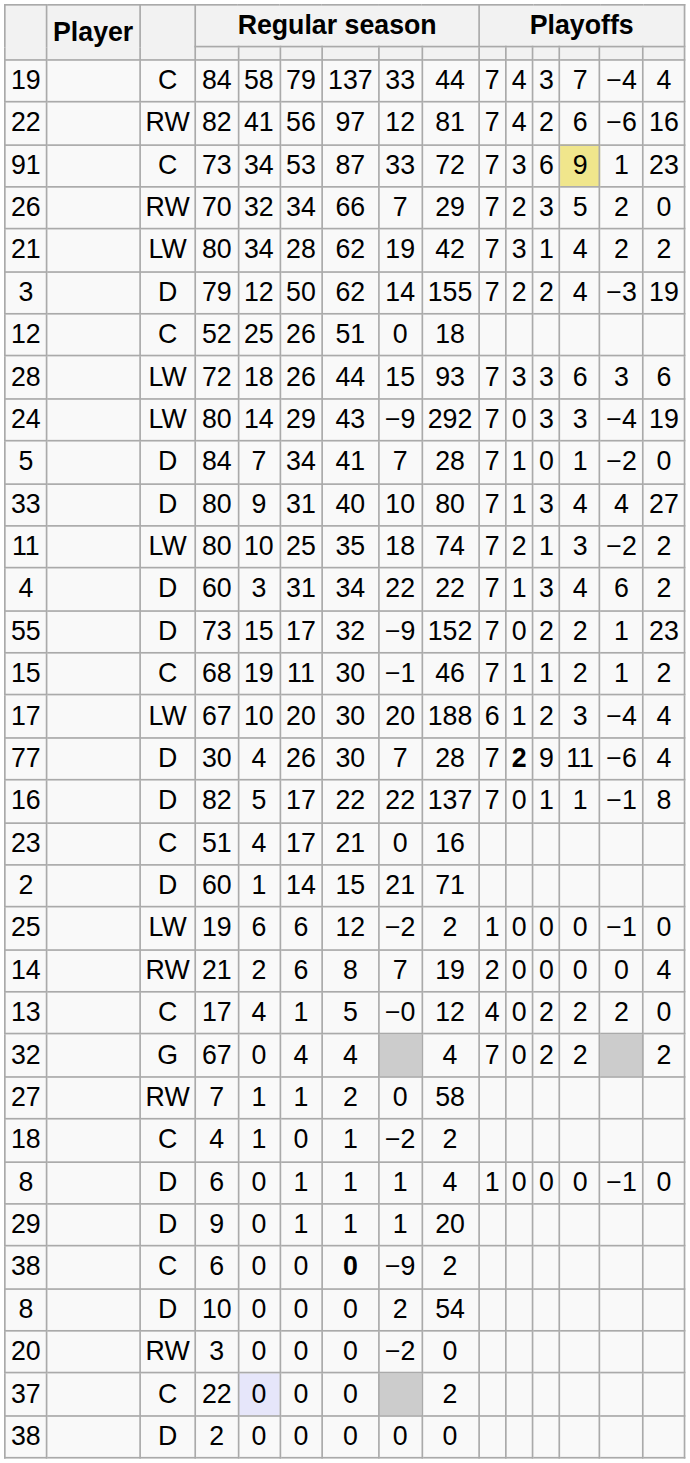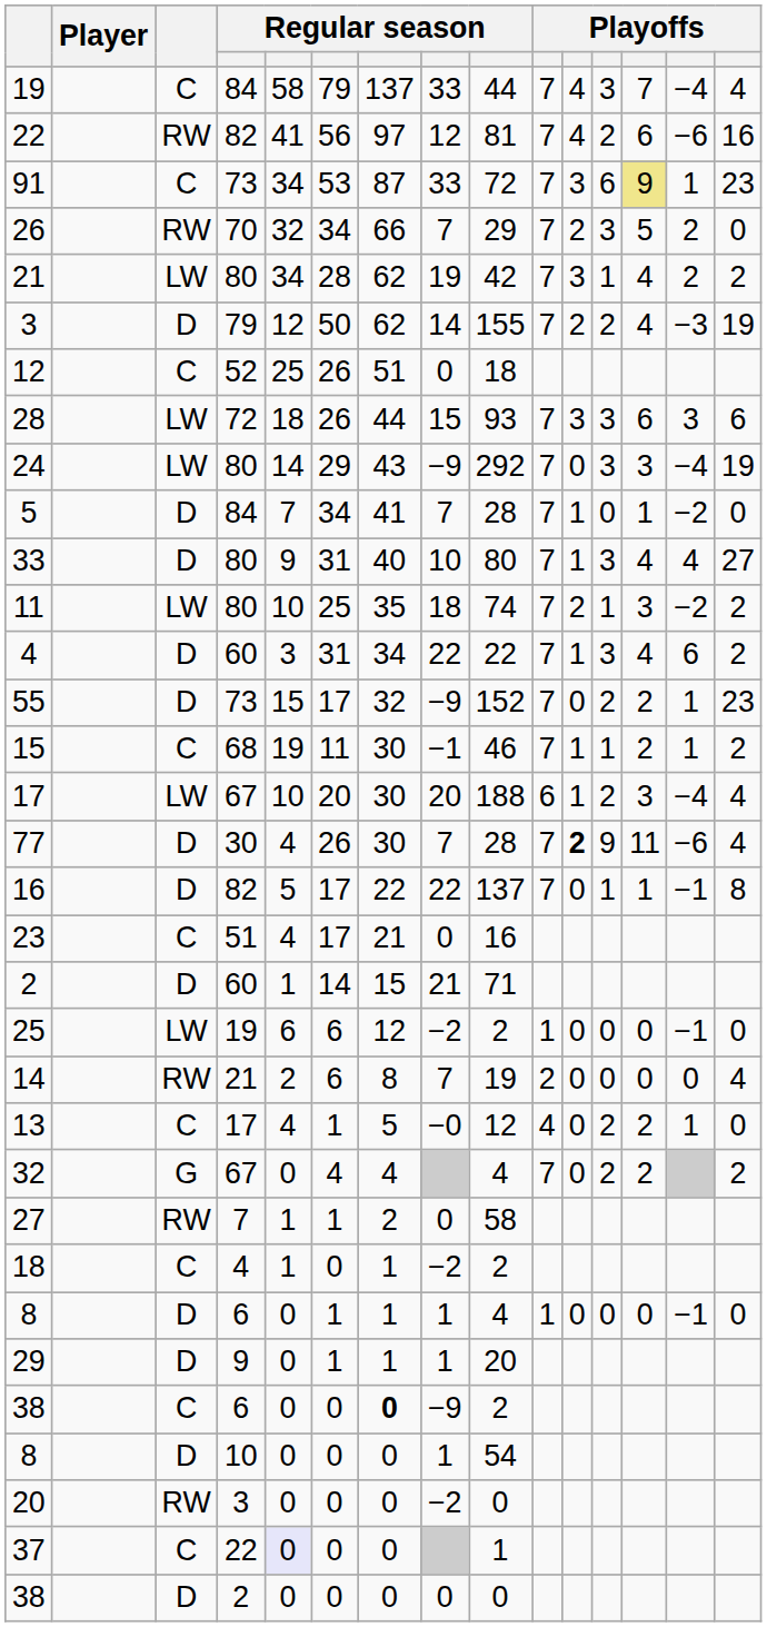 <table class="wikitable sortable plainrowheaders" style="text-align:center;">
 <tr>
 <th scope="col" data-sort-type="number" rowspan="2"></th>
 <th scope="col" rowspan="2">Player</th>
 <th scope="col" rowspan="2"></th>
 <th scope=colgroup colspan=6>Regular season</th>
 <th scope=colgroup colspan=6>Playoffs</th>
 </tr>
 <tr>
 <th scope="col" data-sort-type="number"></th>
 <th scope="col" data-sort-type="number"></th>
 <th scope="col" data-sort-type="number"></th>
 <th scope="col" data-sort-type="number"></th>
 <th scope="col" data-sort-type="number"></th>
 <th scope="col" data-sort-type="number"></th>
 <th scope="col" data-sort-type="number"></th>
 <th scope="col" data-sort-type="number"></th>
 <th scope="col" data-sort-type="number"></th>
 <th scope="col" data-sort-type="number"></th>
 <th scope="col" data-sort-type="number"></th>
 <th scope="col" data-sort-type="number"></th>
 </tr>
 <tr>
 <td scope="row">19</td>
 <td align="left"></td>
 <td>C</td>
 <td>84</td>
 <td>58</td>
 <td>79</td>
 <td>137</td>
 <td>33</td>
 <td>44</td>
 <td>7</td>
 <td>4</td>
 <td>3</td>
 <td>7</td>
 <td>−4</td>
 <td>4</td>
 </tr>
 <tr>
 <td scope="row">22</td>
 <td align="left"></td>
 <td>RW</td>
 <td>82</td>
 <td>41</td>
 <td>56</td>
 <td>97</td>
 <td>12</td>
 <td>81</td>
 <td>7</td>
 <td>4</td>
 <td>2</td>
 <td>6</td>
 <td>−6</td>
 <td>16</td>
 </tr>
 <tr>
 <td scope="row">91</td>
 <td align="left"></td>
 <td>C</td>
 <td>73</td>
 <td>34</td>
 <td>53</td>
 <td>87</td>
 <td>33</td>
 <td>72</td>
 <td>7</td>
 <td>3</td>
 <td>6</td>
 <td style="background: khaki;">9</td>
 <td>1</td>
 <td>23</td>
 </tr>
 <tr>
 <td scope="row">26</td>
 <td align="left"></td>
 <td>RW</td>
 <td>70</td>
 <td>32</td>
 <td>34</td>
 <td>66</td>
 <td>7</td>
 <td>29</td>
 <td>7</td>
 <td>2</td>
 <td>3</td>
 <td>5</td>
 <td>2</td>
 <td>0</td>
 </tr>
 <tr>
 <td scope="row">21</td>
 <td align="left"></td>
 <td>LW</td>
 <td>80</td>
 <td>34</td>
 <td>28</td>
 <td>62</td>
 <td>19</td>
 <td>42</td>
 <td>7</td>
 <td>3</td>
 <td>1</td>
 <td>4</td>
 <td>2</td>
 <td>2</td>
 </tr>
 <tr>
 <td scope="row">3</td>
 <td align="left"></td>
 <td>D</td>
 <td>79</td>
 <td>12</td>
 <td>50</td>
 <td>62</td>
 <td>14</td>
 <td>155</td>
 <td>7</td>
 <td>2</td>
 <td>2</td>
 <td>4</td>
 <td>−3</td>
 <td>19</td>
 </tr>
 <tr>
 <td scope="row">12</td>
 <td align="left"></td>
 <td>C</td>
 <td>52</td>
 <td>25</td>
 <td>26</td>
 <td>51</td>
 <td>0</td>
 <td>18</td>
 <td></td>
 <td></td>
 <td></td>
 <td></td>
 <td></td>
 <td></td>
 </tr>
 <tr>
 <td scope="row">28</td>
 <td align="left"></td>
 <td>LW</td>
 <td>72</td>
 <td>18</td>
 <td>26</td>
 <td>44</td>
 <td>15</td>
 <td>93</td>
 <td>7</td>
 <td>3</td>
 <td>3</td>
 <td>6</td>
 <td>3</td>
 <td>6</td>
 </tr>
 <tr>
 <td scope="row">24</td>
 <td align="left"></td>
 <td>LW</td>
 <td>80</td>
 <td>14</td>
 <td>29</td>
 <td>43</td>
 <td>−9</td>
 <td>292</td>
 <td>7</td>
 <td>0</td>
 <td>3</td>
 <td>3</td>
 <td>−4</td>
 <td>19</td>
 </tr>
 <tr>
 <td scope="row">5</td>
 <td align="left"></td>
 <td>D</td>
 <td>84</td>
 <td>7</td>
 <td>34</td>
 <td>41</td>
 <td>7</td>
 <td>28</td>
 <td>7</td>
 <td>1</td>
 <td>0</td>
 <td>1</td>
 <td>−2</td>
 <td>0</td>
 </tr>
 <tr>
 <td scope="row">33</td>
 <td align="left"></td>
 <td>D</td>
 <td>80</td>
 <td>9</td>
 <td>31</td>
 <td>40</td>
 <td>10</td>
 <td>80</td>
 <td>7</td>
 <td>1</td>
 <td>3</td>
 <td>4</td>
 <td>4</td>
 <td>27</td>
 </tr>
 <tr>
 <td scope="row">11</td>
 <td align="left"></td>
 <td>LW</td>
 <td>80</td>
 <td>10</td>
 <td>25</td>
 <td>35</td>
 <td>18</td>
 <td>74</td>
 <td>7</td>
 <td>2</td>
 <td>1</td>
 <td>3</td>
 <td>−2</td>
 <td>2</td>
 </tr>
 <tr>
 <td scope="row">4</td>
 <td align="left"></td>
 <td>D</td>
 <td>60</td>
 <td>3</td>
 <td>31</td>
 <td>34</td>
 <td>22</td>
 <td>22</td>
 <td>7</td>
 <td>1</td>
 <td>3</td>
 <td>4</td>
 <td>6</td>
 <td>2</td>
 </tr>
 <tr>
 <td scope="row">55</td>
 <td align="left"></td>
 <td>D</td>
 <td>73</td>
 <td>15</td>
 <td>17</td>
 <td>32</td>
 <td>−9</td>
 <td>152</td>
 <td>7</td>
 <td>0</td>
 <td>2</td>
 <td>2</td>
 <td>1</td>
 <td>23</td>
 </tr>
 <tr>
 <td scope="row">15</td>
 <td align="left"></td>
 <td>C</td>
 <td>68</td>
 <td>19</td>
 <td>11</td>
 <td>30</td>
 <td>−1</td>
 <td>46</td>
 <td>7</td>
 <td>1</td>
 <td>1</td>
 <td>2</td>
 <td>1</td>
 <td>2</td>
 </tr>
 <tr>
 <td scope="row">17</td>
 <td align="left"></td>
 <td>LW</td>
 <td>67</td>
 <td>10</td>
 <td>20</td>
 <td>30</td>
 <td>20</td>
 <td>188</td>
 <td>6</td>
 <td>1</td>
 <td>2</td>
 <td>3</td>
 <td>−4</td>
 <td>4</td>
 </tr>
 <tr>
 <td scope="row">77</td>
 <td align="left"></td>
 <td>D</td>
 <td>30</td>
 <td>4</td>
 <td>26</td>
 <td>30</td>
 <td>7</td>
 <td>28</td>
 <td>7</td>
 <td><strong>2</strong></td>
 <td>9</td>
 <td>11</td>
 <td>−6</td>
 <td>4</td>
 </tr>
 <tr>
 <td scope="row">16</td>
 <td align="left"></td>
 <td>D</td>
 <td>82</td>
 <td>5</td>
 <td>17</td>
 <td>22</td>
 <td>22</td>
 <td>137</td>
 <td>7</td>
 <td>0</td>
 <td>1</td>
 <td>1</td>
 <td>−1</td>
 <td>8</td>
 </tr>
 <tr>
 <td scope="row">23</td>
 <td align="left"></td>
 <td>C</td>
 <td>51</td>
 <td>4</td>
 <td>17</td>
 <td>21</td>
 <td>0</td>
 <td>16</td>
 <td></td>
 <td></td>
 <td></td>
 <td></td>
 <td></td>
 <td></td>
 </tr>
 <tr>
 <td scope="row">2</td>
 <td align="left"></td>
 <td>D</td>
 <td>60</td>
 <td>1</td>
 <td>14</td>
 <td>15</td>
 <td>21</td>
 <td>71</td>
 <td></td>
 <td></td>
 <td></td>
 <td></td>
 <td></td>
 <td></td>
 </tr>
 <tr>
 <td scope="row">25</td>
 <td align="left"></td>
 <td>LW</td>
 <td>19</td>
 <td>6</td>
 <td>6</td>
 <td>12</td>
 <td>−2</td>
 <td>2</td>
 <td>1</td>
 <td>0</td>
 <td>0</td>
 <td>0</td>
 <td>−1</td>
 <td>0</td>
 </tr>
 <tr>
 <td scope="row">14</td>
 <td align="left"></td>
 <td>RW</td>
 <td>21</td>
 <td>2</td>
 <td>6</td>
 <td>8</td>
 <td>7</td>
 <td>19</td>
 <td>2</td>
 <td>0</td>
 <td>0</td>
 <td>0</td>
 <td>0</td>
 <td>4</td>
 </tr>
 <tr>
 <td scope="row">13</td>
 <td align="left"></td>
 <td>C</td>
 <td>17</td>
 <td>4</td>
 <td>1</td>
 <td>5</td>
 <td>−0</td>
 <td>12</td>
 <td>4</td>
 <td>0</td>
 <td>2</td>
 <td>2</td>
-<td>2</td>
+<td>1</td>
 <td>0</td>
 </tr>
 <tr>
 <td scope="row">32</td>
 <td align="left"></td>
 <td>G</td>
 <td>67</td>
 <td>0</td>
 <td>4</td>
 <td>4</td>
 <td style="background:#ccc"></td>
 <td>4</td>
 <td>7</td>
 <td>0</td>
 <td>2</td>
 <td>2</td>
 <td style="background:#ccc"></td>
 <td>2</td>
 </tr>
 <tr>
 <td scope="row">27</td>
 <td align="left"></td>
 <td>RW</td>
 <td>7</td>
 <td>1</td>
 <td>1</td>
 <td>2</td>
 <td>0</td>
 <td>58</td>
 <td></td>
 <td></td>
 <td></td>
 <td></td>
 <td></td>
 <td></td>
 </tr>
 <tr>
 <td scope="row">18</td>
 <td align="left"></td>
 <td>C</td>
 <td>4</td>
 <td>1</td>
 <td>0</td>
 <td>1</td>
 <td>−2</td>
 <td>2</td>
 <td></td>
 <td></td>
 <td></td>
 <td></td>
 <td></td>
 <td></td>
 </tr>
 <tr>
 <td scope="row">8</td>
 <td align="left"></td>
 <td>D</td>
 <td>6</td>
 <td>0</td>
 <td>1</td>
 <td>1</td>
 <td>1</td>
 <td>4</td>
 <td>1</td>
 <td>0</td>
 <td>0</td>
 <td>0</td>
 <td>−1</td>
 <td>0</td>
 </tr>
 <tr>
 <td scope="row">29</td>
 <td align="left"></td>
 <td>D</td>
 <td>9</td>
 <td>0</td>
 <td>1</td>
 <td>1</td>
 <td>1</td>
 <td>20</td>
 <td></td>
 <td></td>
 <td></td>
 <td></td>
 <td></td>
 <td></td>
 </tr>
 <tr>
 <td scope="row">38</td>
 <td align="left"></td>
 <td>C</td>
 <td>6</td>
 <td>0</td>
 <td>0</td>
 <td><strong>0</strong></td>
 <td>−9</td>
 <td>2</td>
 <td></td>
 <td></td>
 <td></td>
 <td></td>
 <td></td>
 <td></td>
 </tr>
 <tr>
 <td scope="row">8</td>
 <td align="left"></td>
 <td>D</td>
 <td>10</td>
 <td>0</td>
 <td>0</td>
 <td>0</td>
-<td>2</td>
+<td>1</td>
 <td>54</td>
 <td></td>
 <td></td>
 <td></td>
 <td></td>
 <td></td>
 <td></td>
 </tr>
 <tr>
 <td scope="row">20</td>
 <td align="left"></td>
 <td>RW</td>
 <td>3</td>
 <td>0</td>
 <td>0</td>
 <td>0</td>
 <td>−2</td>
 <td>0</td>
 <td></td>
 <td></td>
 <td></td>
 <td></td>
 <td></td>
 <td></td>
 </tr>
 <tr>
 <td scope="row">37</td>
 <td align="left"></td>
 <td>C</td>
 <td>22</td>
 <td style="background: lavender;">0</td>
 <td>0</td>
 <td>0</td>
 <td style="background:#ccc"></td>
-<td>2</td>
+<td>1</td>
 <td></td>
 <td></td>
 <td></td>
 <td></td>
 <td></td>
 <td></td>
 </tr>
 <tr>
 <td scope="row">38</td>
 <td align="left"></td>
 <td>D</td>
 <td>2</td>
 <td>0</td>
 <td>0</td>
 <td>0</td>
 <td>0</td>
 <td>0</td>
 <td></td>
 <td></td>
 <td></td>
 <td></td>
 <td></td>
 <td></td>
 </tr>
 </table>
